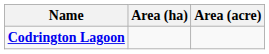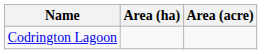 <table class="wikitable sortable">
 <tr>
 <th scope="col" align=left>Name</th>
 <th scope="col">Area (ha)</th>
 <th scope="col">Area (acre)</th>
 </tr>
 <tr ---->
-<td><strong><a href='#'>Codrington Lagoon</a></strong></td>
+<td><a href='#'>Codrington Lagoon</a></td>
 <td></td>
 </tr>
 </table>
